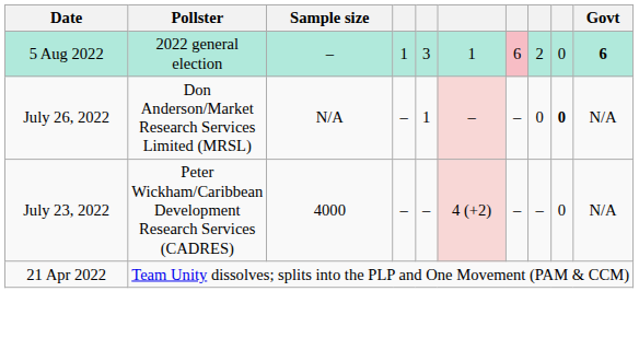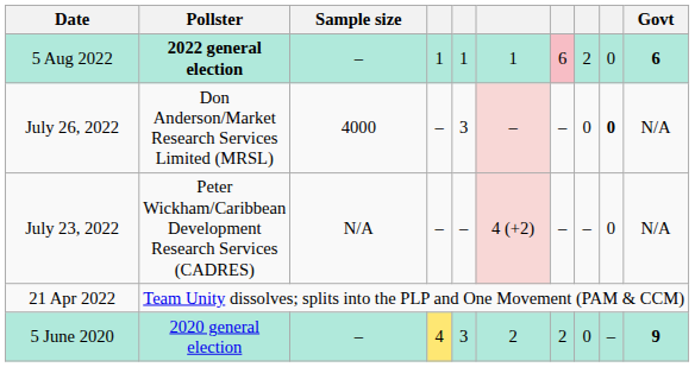 <table class="wikitable sortable collapsible" style="text-align:center;font-size:95%;">
 <tr>
 <th style="width:110px;">Date</th>
 <th style="width:110px;">Pollster</th>
 <th data-sort-type="number">Sample size</th>
 <th class="unsortable" style="background:"><a href='#'></a></th>
 <th class="unsortable" style="background:"><a href='#'></a></th>
 <th class="unsortable" style="background:"><a href='#'></a></th>
 <th class="unsortable" style="background:"><a href='#'></a></th>
 <th class="unsortable" style="background:"><a href='#'></a></th>
 <th class="unsortable" style="background:"></th>
 <th>Govt</th>
 </tr>
 <tr style="background:#b0e9db;">
 <td>5 Aug 2022</td>
-<td>2022 general election</td>
+<td><strong>2022 general election</strong></td>
 <td>–</td>
 <td>1</td>
-<td>3</td>
+<td>1</td>
 <td>1</td>
 <td style="background:#F7BDC5;">6</td>
 <td>2</td>
 <td>0</td>
 <td style="background:"><strong>6</strong></td>
 </tr>
 <tr>
 <td>July 26, 2022</td>
 <td>Don Anderson/Market Research Services Limited (MRSL)</td>
-<td>N/A</td>
+<td>4000</td>
 <td>–</td>
-<td>1</td>
+<td>3</td>
 <td style="background:#F8D7D6;">–</td>
 <td>–</td>
 <td>0</td>
 <td><strong>0</strong></td>
 <td>N/A</td>
 </tr>
 <tr>
 <td data-sort-value="2019-08-25">July 23, 2022</td>
 <td>Peter Wickham/Caribbean Development Research Services (CADRES)</td>
-<td>4000</td>
+<td>N/A</td>
 <td>–</td>
 <td>–</td>
 <td style="background:#F8D7D6;">4 (+2)</td>
 <td>–</td>
 <td>–</td>
 <td>0</td>
 <td>N/A</td>
 </tr>
 <tr>
 <td>21 Apr 2022</td>
 <td colspan="9"><a href='#'>Team Unity</a> dissolves; splits into the PLP and One Movement (PAM & CCM)</td>
 </tr>
+<tr style="background:#b0e9db;">
+<td data-sort-value="2015-09-07">5 June 2020</td>
+<td><a href='#'>2020 general election</a></td>
+<td>–</td>
+<td style="background:#FEE773;">4</td>
+<td>3</td>
+<td>2</td>
+<td>2</td>
+<td>0</td>
+<td>–</td>
+<td data-sort-value="9" style="background:"><strong>9</strong></td>
+</tr>
 </table>
